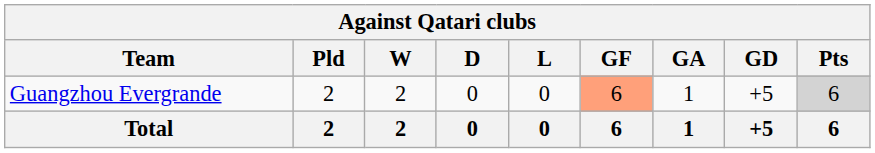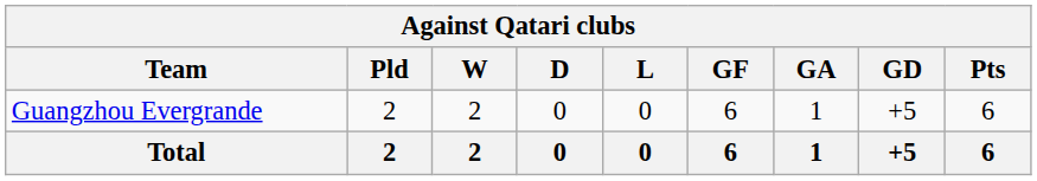 <table width=70% class="wikitable" style="text-align:center">
 <tr>
 <th colspan=9>Against Qatari clubs</th>
 </tr>
 <tr>
 <th width=20%>Team</th>
 <th width=5%>Pld</th>
 <th width=5%>W</th>
 <th width=5%>D</th>
 <th width=5%>L</th>
 <th width=5%>GF</th>
 <th width=5%>GA</th>
 <th width=5%>GD</th>
 <th width=5%>Pts</th>
 </tr>
 <tr>
 <td align=left> <a href='#'>Guangzhou Evergrande</a></td>
 <td>2</td>
 <td>2</td>
 <td>0</td>
 <td>0</td>
-<td style="background: lightsalmon;">6</td>
+<td>6</td>
 <td>1</td>
 <td>+5</td>
-<td style="background: lightgrey;">6</td>
+<td>6</td>
 </tr>
 <tr>
 <th>Total</th>
 <th>2</th>
 <th>2</th>
 <th>0</th>
 <th>0</th>
 <th>6</th>
 <th>1</th>
 <th>+5</th>
 <th>6</th>
 </tr>
 </table>
